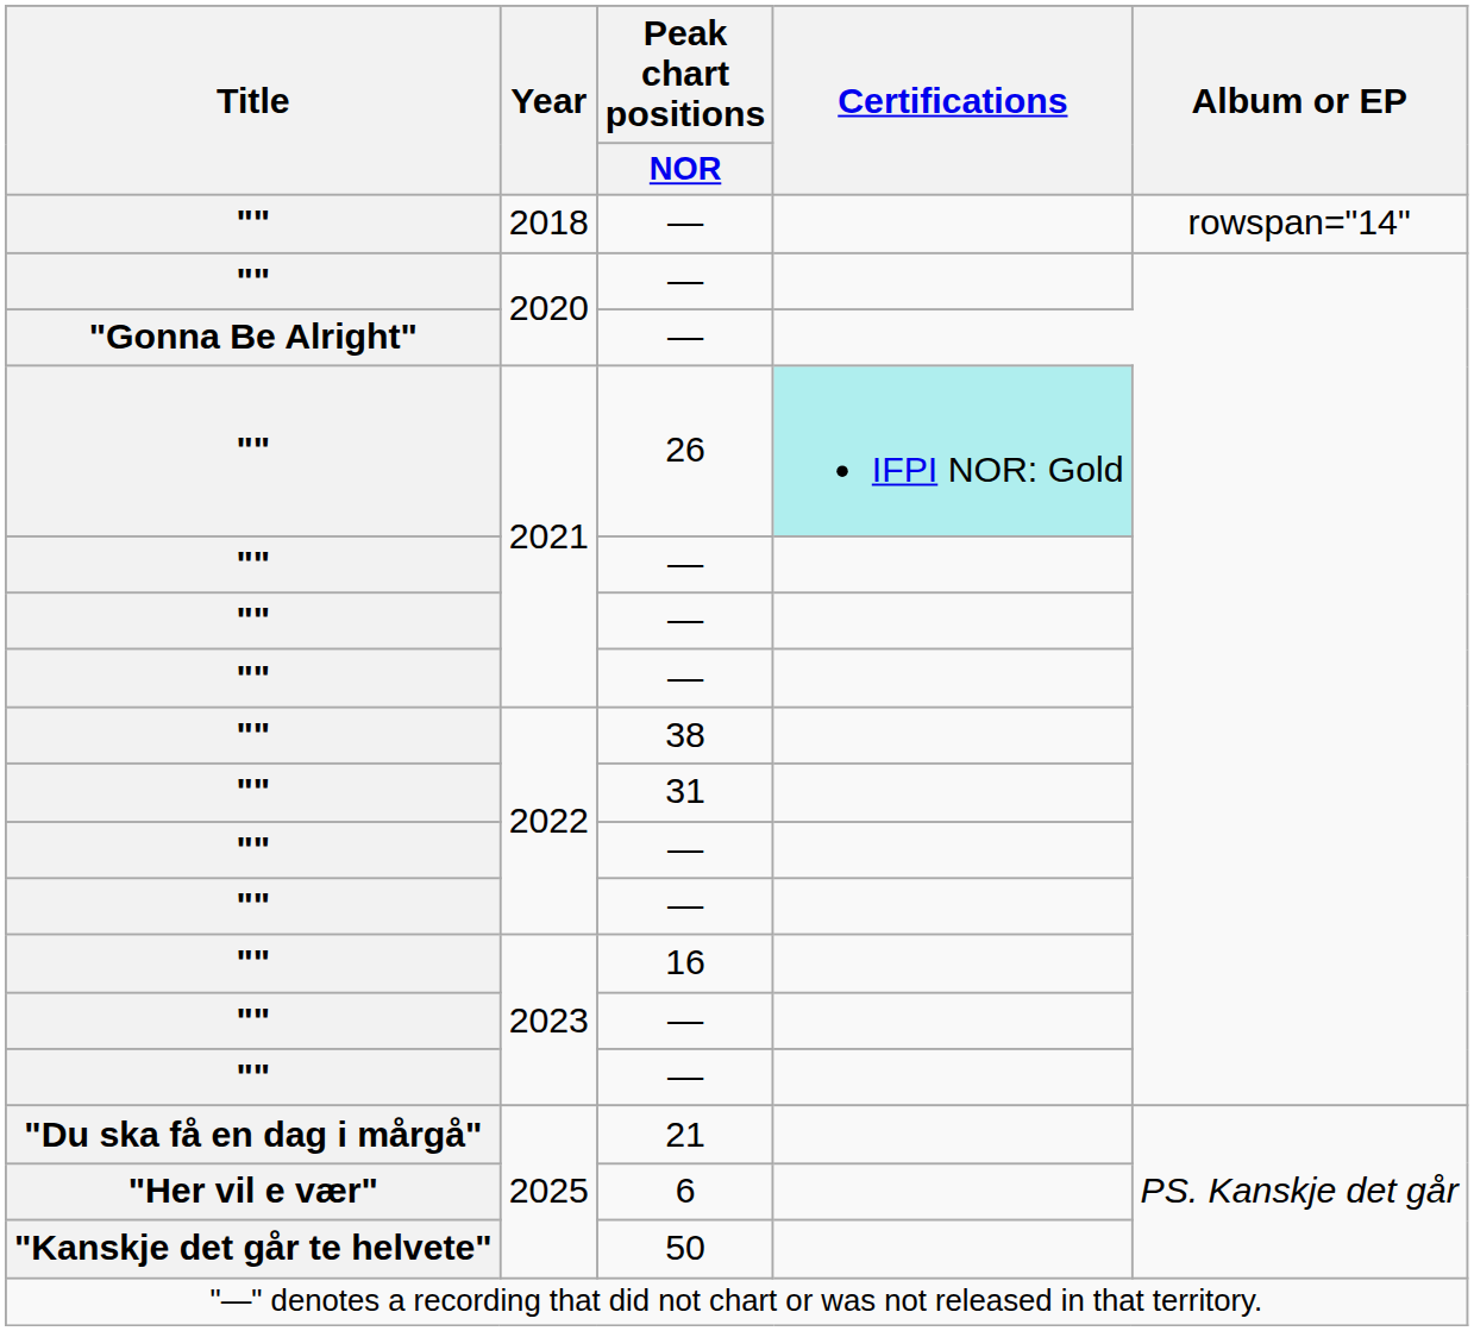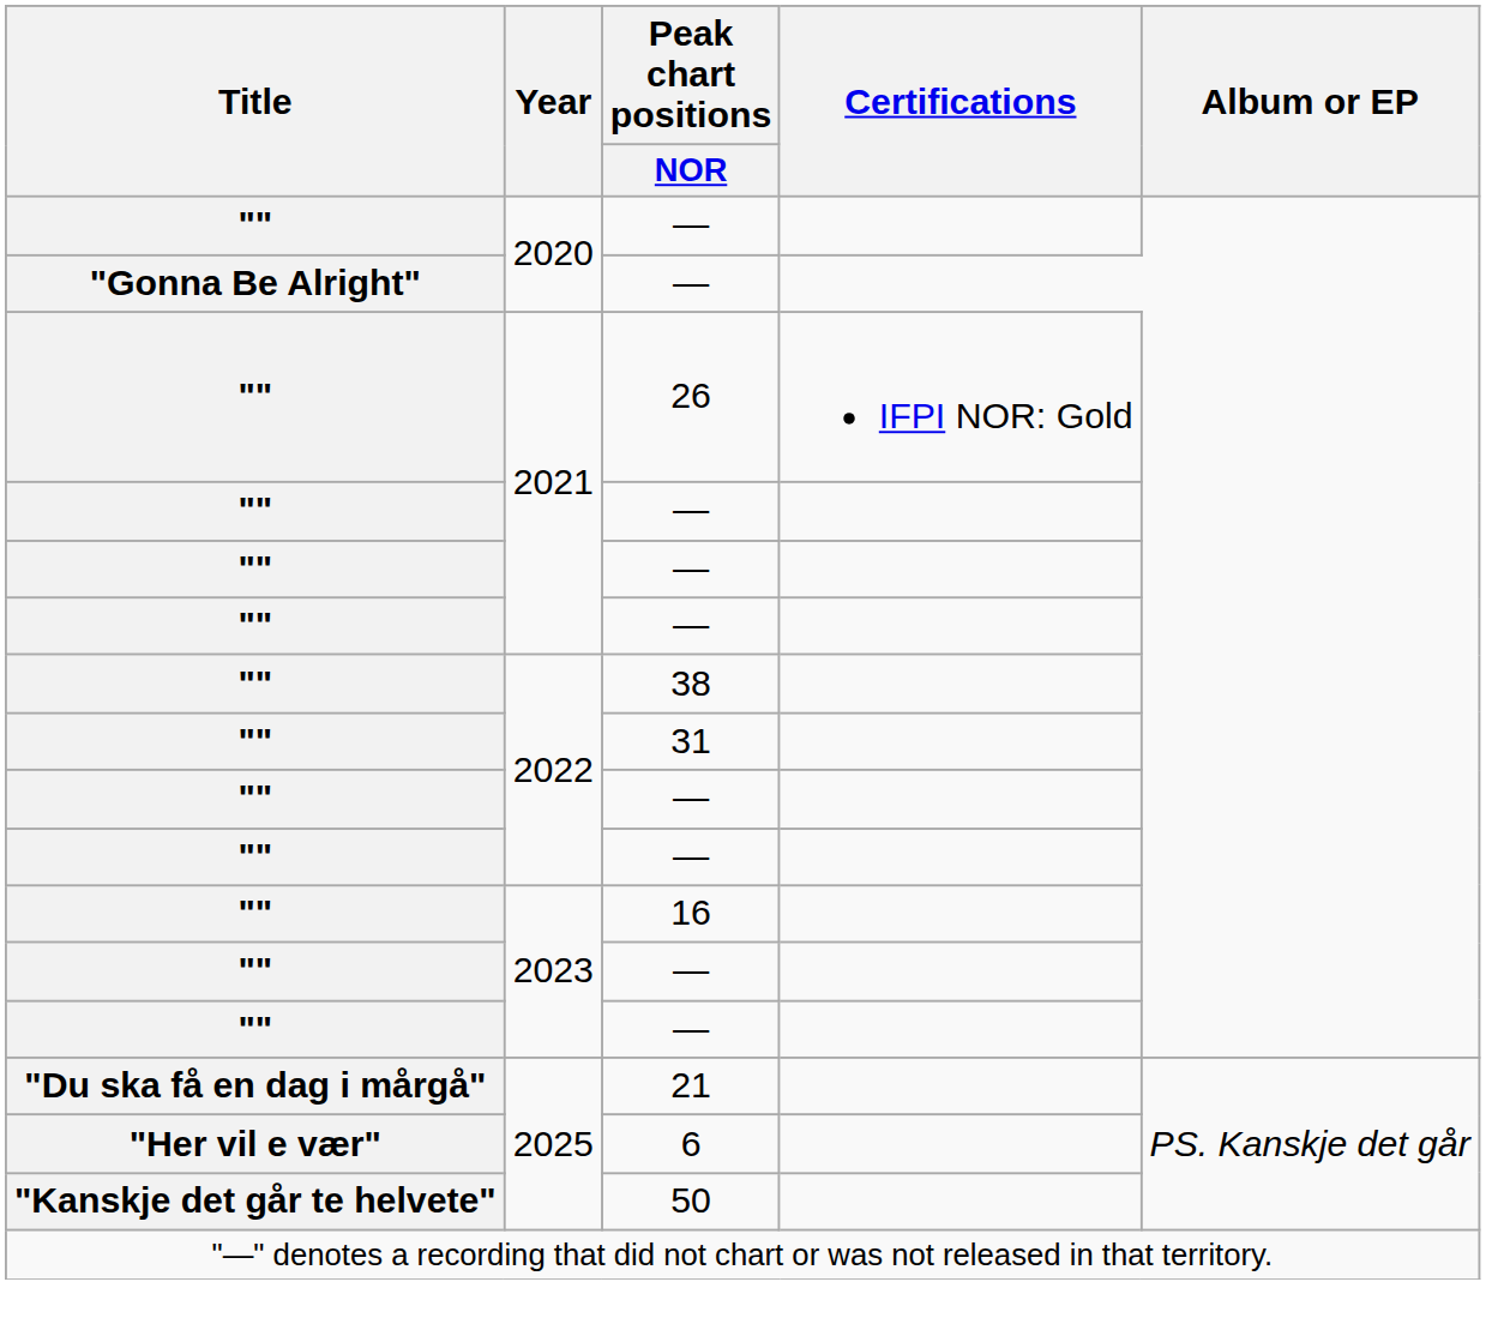 <table class="wikitable plainrowheaders" style="text-align:center;">
 <tr>
 <th scope="col" rowspan="2">Title</th>
 <th scope="col" rowspan="2">Year</th>
 <th scope="col" colspan="1">Peak chart positions</th>
 <th scope="col" rowspan="2"><a href='#'>Certifications</a></th>
 <th scope="col" rowspan="2">Album or EP</th>
 </tr>
 <tr>
 <th scope="col" style="width:3em;font-size:90%;"><a href='#'>NOR</a><br></th>
-</tr>
-<tr>
-<th scope="row">""</th>
-<td>2018</td>
-<td>—</td>
-<td></td>
-<td>rowspan="14" </td>
 </tr>
 <tr>
 <th scope="row">""</th>
 <td rowspan="2">2020</td>
 <td>—</td>
 <td></td>
 </tr>
 <tr>
 <th scope="row">"Gonna Be Alright"</th>
 <td>—</td>
 </tr>
 <tr>
 <th scope="row">""</th>
 <td rowspan="4">2021</td>
 <td>26</td>
-<td style="background: paleturquoise;"><br><ul><li><a href='#'>IFPI</a> NOR: Gold</li></ul></td>
+<td><br><ul><li><a href='#'>IFPI</a> NOR: Gold</li></ul></td>
 </tr>
 <tr>
 <th scope="row">""</th>
 <td>—</td>
 <td></td>
 </tr>
 <tr>
 <th scope="row">""</th>
 <td>—</td>
 <td></td>
 </tr>
 <tr>
 <th scope="row">""</th>
 <td>—</td>
 <td></td>
 </tr>
 <tr>
 <th scope="row">""</th>
 <td rowspan="4">2022</td>
 <td>38</td>
 <td></td>
 </tr>
 <tr>
 <th scope="row">""</th>
 <td>31</td>
 <td></td>
 </tr>
 <tr>
 <th scope="row">""</th>
 <td>—</td>
 <td></td>
 </tr>
 <tr>
 <th scope="row">""</th>
 <td>—</td>
 <td></td>
 </tr>
 <tr>
 <th scope="row">""</th>
 <td rowspan="3">2023</td>
 <td>16</td>
 <td></td>
 </tr>
 <tr>
 <th scope="row">""</th>
 <td>—</td>
 <td></td>
 </tr>
 <tr>
 <th scope="row">""</th>
 <td>—</td>
 <td></td>
 </tr>
 <tr>
 <th scope="row">"Du ska få en dag i mårgå"</th>
 <td rowspan="3">2025</td>
 <td>21<br></td>
 <td></td>
 <td rowspan="3"><em>PS. Kanskje det går</em></td>
 </tr>
 <tr>
 <th scope="row">"Her vil e vær"</th>
 <td>6<br></td>
 <td></td>
 </tr>
 <tr>
 <th scope="row">"Kanskje det går te helvete"</th>
 <td>50<br></td>
 <td></td>
 </tr>
 <tr>
 <td colspan="5" style="font-size:85%">"—" denotes a recording that did not chart or was not released in that territory.</td>
 </tr>
 </table>
